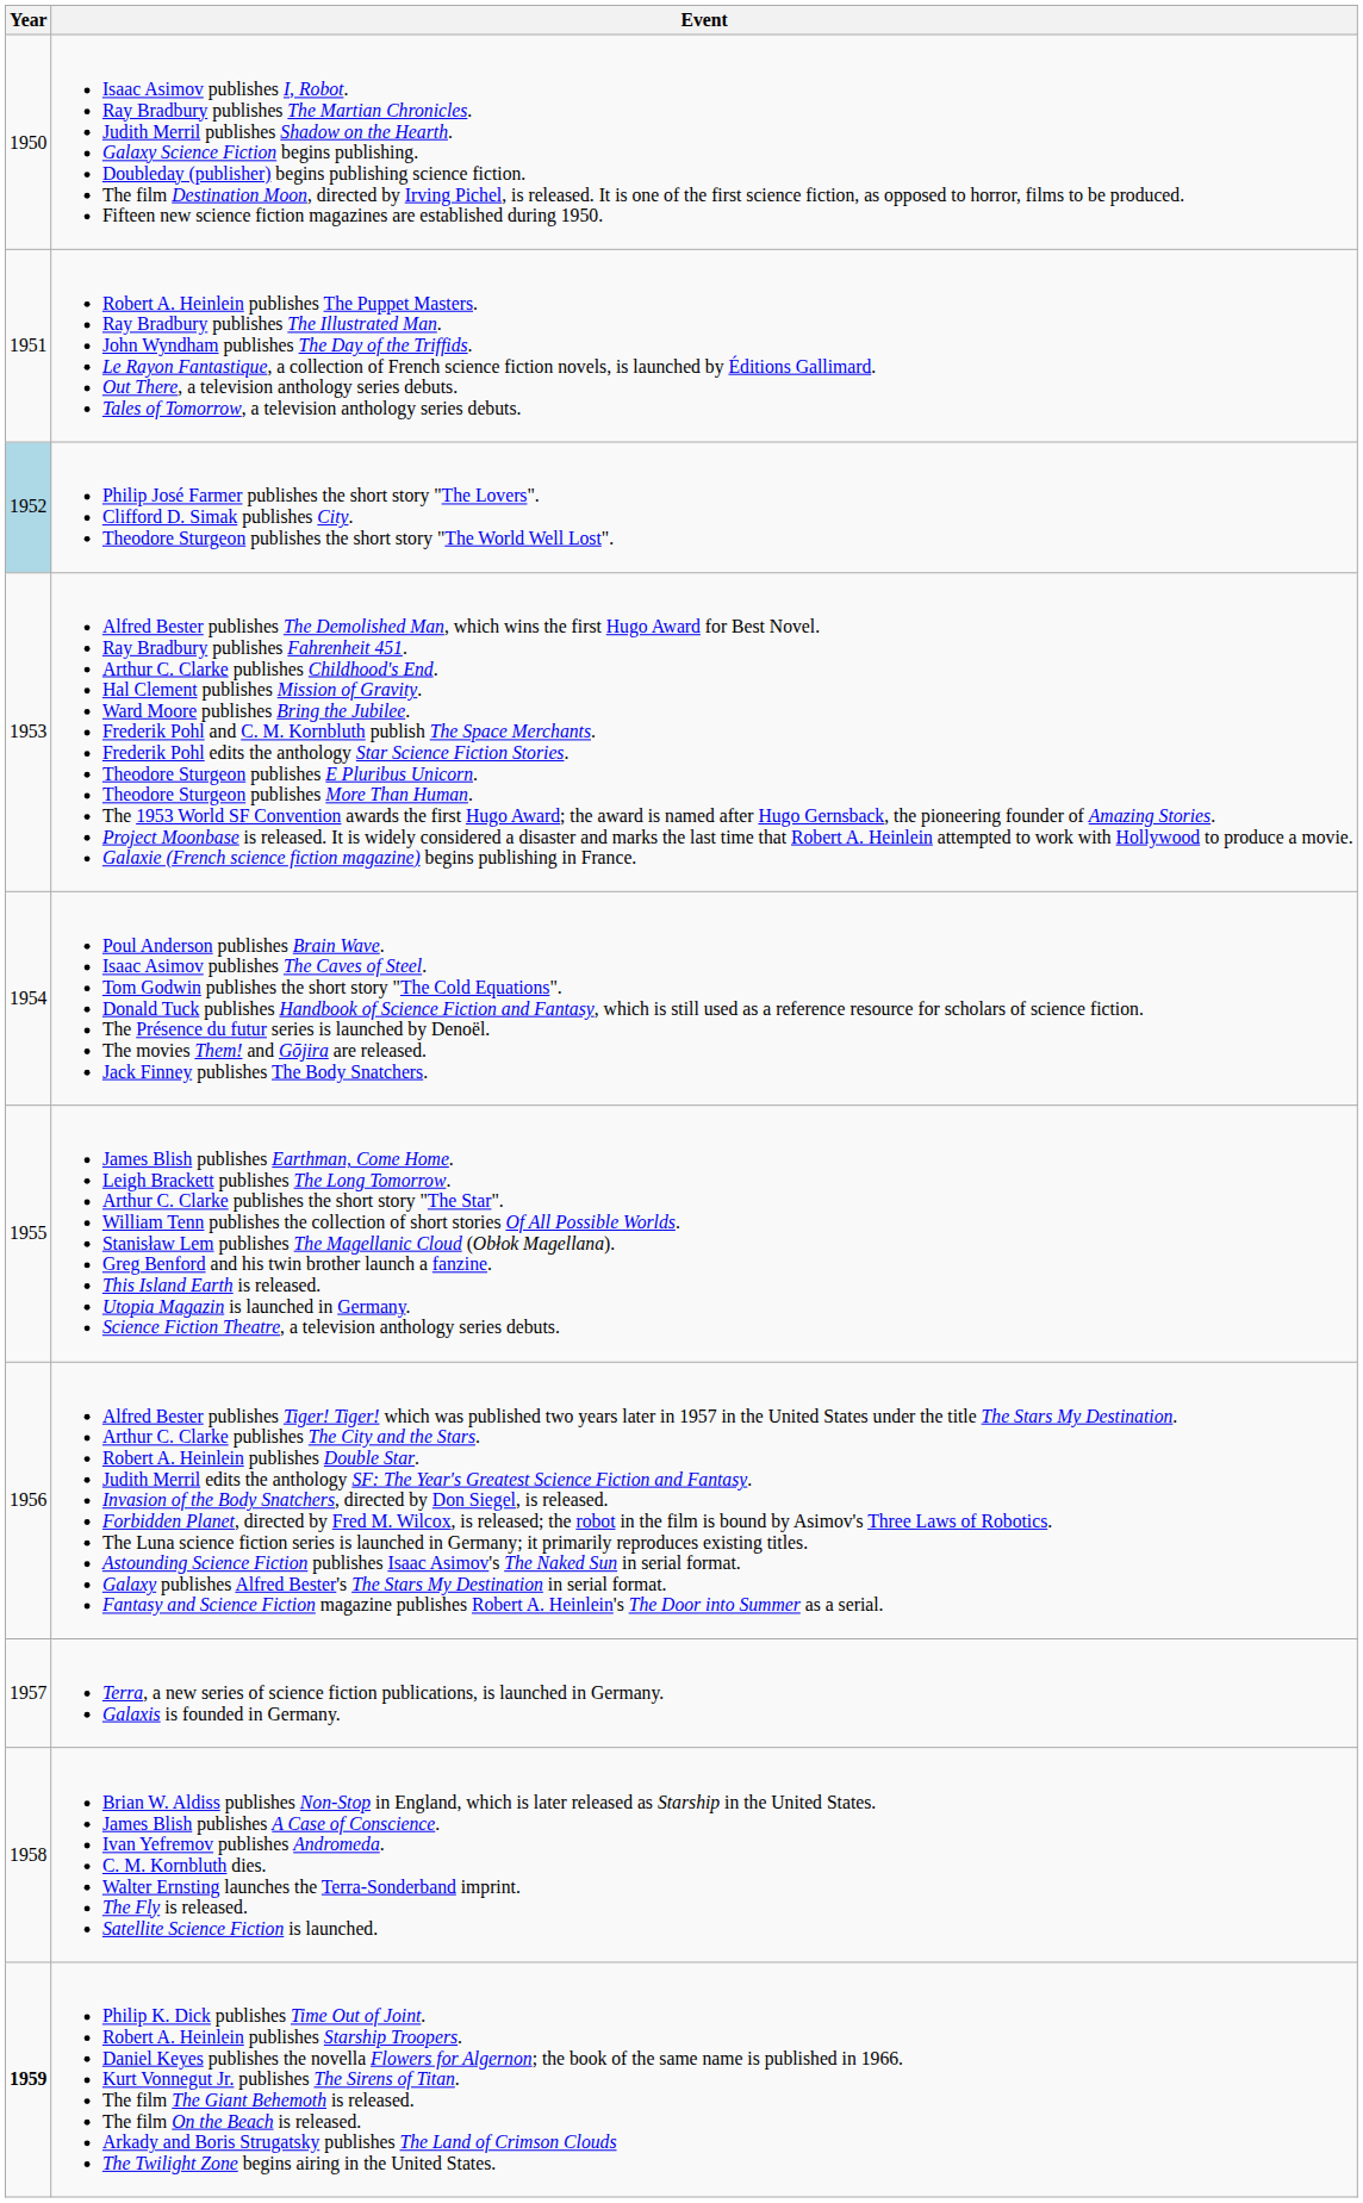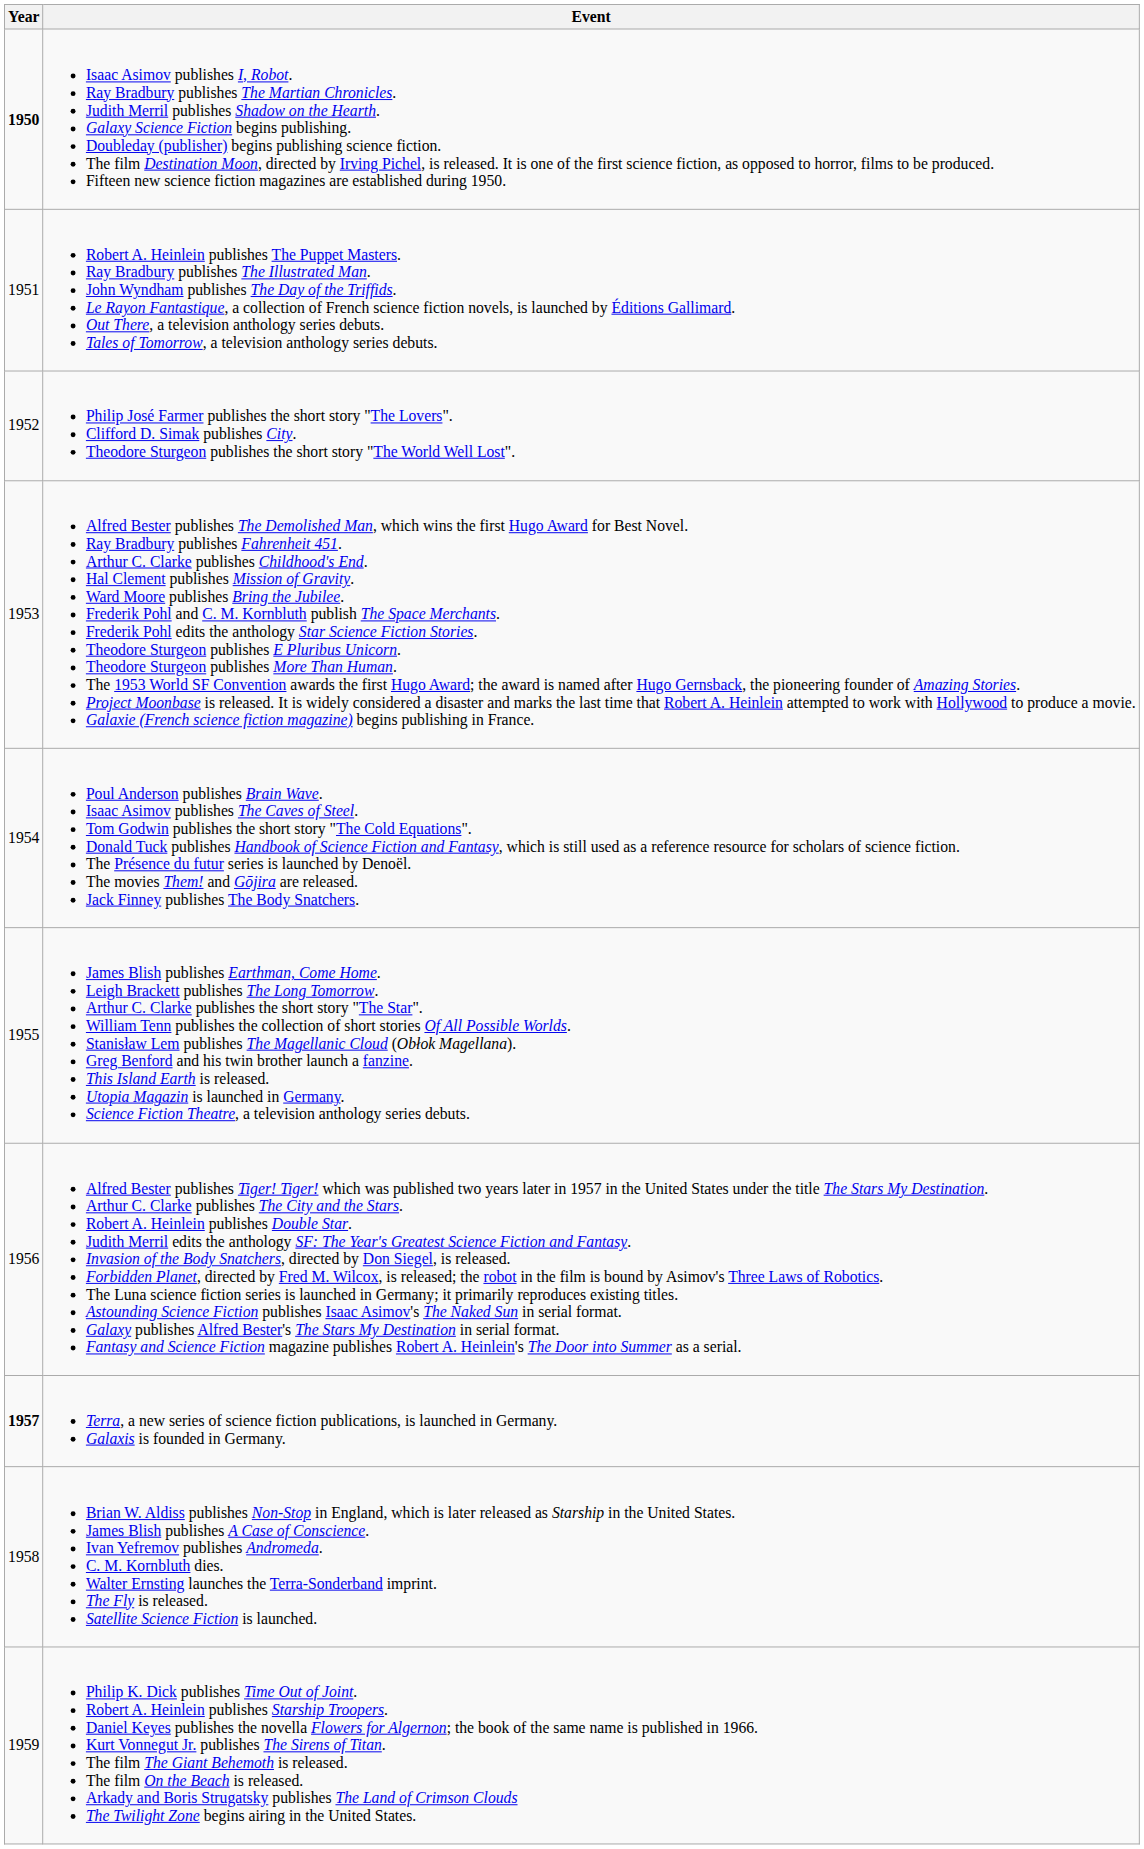 <table class="wikitable">
 <tr>
 <th scope="col">Year</th>
 <th scope="col">Event</th>
 </tr>
 <tr>
-<td>1950</td>
+<td><strong>1950</strong></td>
 <td><br><ul><li><a href='#'>Isaac Asimov</a> publishes <em><a href='#'>I, Robot</a></em>.</li><li><a href='#'>Ray Bradbury</a> publishes <em><a href='#'>The Martian Chronicles</a></em>.</li><li><a href='#'>Judith Merril</a> publishes <em><a href='#'>Shadow on the Hearth</a></em>.</li><li><em><a href='#'>Galaxy Science Fiction</a></em> begins publishing.</li><li><a href='#'>Doubleday (publisher)</a> begins publishing science fiction.</li><li>The film <em><a href='#'>Destination Moon</a></em>, directed by <a href='#'>Irving Pichel</a>, is released. It is one of the first science fiction, as opposed to horror, films to be produced.</li><li>Fifteen new science fiction magazines are established during 1950.</li></ul></td>
 </tr>
 <tr>
 <td>1951</td>
 <td><br><ul><li><a href='#'>Robert A. Heinlein</a> publishes <a href='#'>The Puppet Masters</a>.</li><li><a href='#'>Ray Bradbury</a> publishes <em><a href='#'>The Illustrated Man</a></em>.</li><li><a href='#'>John Wyndham</a> publishes <em><a href='#'>The Day of the Triffids</a></em>.</li><li><em><a href='#'>Le Rayon Fantastique</a></em>, a collection of French science fiction novels, is launched by <a href='#'>Éditions Gallimard</a>.</li><li><em><a href='#'>Out There</a></em>, a television anthology series debuts.</li><li><em><a href='#'>Tales of Tomorrow</a></em>, a television anthology series debuts.</li></ul></td>
 </tr>
 <tr>
-<td style="background: lightblue;">1952</td>
+<td>1952</td>
 <td><br><ul><li><a href='#'>Philip José Farmer</a> publishes the short story "<a href='#'>The Lovers</a>".</li><li><a href='#'>Clifford D. Simak</a> publishes <em><a href='#'>City</a></em>.</li><li><a href='#'>Theodore Sturgeon</a> publishes the short story "<a href='#'>The World Well Lost</a>".</li></ul></td>
 </tr>
 <tr>
 <td>1953</td>
 <td><br><ul><li><a href='#'>Alfred Bester</a> publishes <em><a href='#'>The Demolished Man</a></em>, which wins the first <a href='#'>Hugo Award</a> for Best Novel.</li><li><a href='#'>Ray Bradbury</a> publishes <em><a href='#'>Fahrenheit 451</a></em>.</li><li><a href='#'>Arthur C. Clarke</a> publishes <em><a href='#'>Childhood's End</a></em>.</li><li><a href='#'>Hal Clement</a> publishes <em><a href='#'>Mission of Gravity</a></em>.</li><li><a href='#'>Ward Moore</a> publishes <em><a href='#'>Bring the Jubilee</a></em>.</li><li><a href='#'>Frederik Pohl</a> and <a href='#'>C. M. Kornbluth</a> publish <em><a href='#'>The Space Merchants</a></em>.</li><li><a href='#'>Frederik Pohl</a> edits the anthology <em><a href='#'>Star Science Fiction Stories</a></em>.</li><li><a href='#'>Theodore Sturgeon</a> publishes <em><a href='#'>E Pluribus Unicorn</a></em>.</li><li><a href='#'>Theodore Sturgeon</a> publishes <em><a href='#'>More Than Human</a></em>.</li><li>The <a href='#'>1953 World SF Convention</a> awards the first <a href='#'>Hugo Award</a>; the award is named after <a href='#'>Hugo Gernsback</a>, the pioneering founder of <em><a href='#'>Amazing Stories</a></em>.</li><li><em><a href='#'>Project Moonbase</a></em> is released. It is widely considered a disaster and marks the last time that <a href='#'>Robert A. Heinlein</a> attempted to work with <a href='#'>Hollywood</a> to produce a movie.</li><li><em><a href='#'>Galaxie (French science fiction magazine)</a></em> begins publishing in France.</li></ul></td>
 </tr>
 <tr>
 <td>1954</td>
 <td><br><ul><li><a href='#'>Poul Anderson</a> publishes <em><a href='#'>Brain Wave</a></em>.</li><li><a href='#'>Isaac Asimov</a> publishes <em><a href='#'>The Caves of Steel</a></em>.</li><li><a href='#'>Tom Godwin</a> publishes the short story "<a href='#'>The Cold Equations</a>".</li><li><a href='#'>Donald Tuck</a> publishes <em><a href='#'>Handbook of Science Fiction and Fantasy</a></em>, which is still used as a reference resource for scholars of science fiction.</li><li>The <a href='#'>Présence du futur</a> series is launched by Denoël.</li><li>The movies <em><a href='#'>Them!</a></em> and <em><a href='#'>Gōjira</a></em> are released.</li><li><a href='#'>Jack Finney</a> publishes <a href='#'>The Body Snatchers</a>.</li></ul></td>
 </tr>
 <tr>
 <td>1955</td>
 <td><br><ul><li><a href='#'>James Blish</a> publishes <em><a href='#'>Earthman, Come Home</a></em>.</li><li><a href='#'>Leigh Brackett</a> publishes <em><a href='#'>The Long Tomorrow</a></em>.</li><li><a href='#'>Arthur C. Clarke</a> publishes the short story "<a href='#'>The Star</a>".</li><li><a href='#'>William Tenn</a> publishes the collection of short stories <em><a href='#'>Of All Possible Worlds</a></em>.</li><li><a href='#'>Stanisław Lem</a> publishes <em><a href='#'>The Magellanic Cloud</a></em> (<em>Obłok Magellana</em>).</li><li><a href='#'>Greg Benford</a> and his twin brother launch a <a href='#'>fanzine</a>.</li><li><em><a href='#'>This Island Earth</a></em> is released.</li><li><em><a href='#'>Utopia Magazin</a></em> is launched in <a href='#'>Germany</a>.</li><li><em><a href='#'>Science Fiction Theatre</a></em>, a television anthology series debuts.</li></ul></td>
 </tr>
 <tr>
 <td>1956</td>
 <td><br><ul><li><a href='#'>Alfred Bester</a> publishes <em><a href='#'>Tiger! Tiger!</a></em> which was published two years later in 1957 in the United States under the title <em><a href='#'>The Stars My Destination</a></em>.</li><li><a href='#'>Arthur C. Clarke</a> publishes <em><a href='#'>The City and the Stars</a></em>.</li><li><a href='#'>Robert A. Heinlein</a> publishes <em><a href='#'>Double Star</a></em>.</li><li><a href='#'>Judith Merril</a> edits the anthology <em><a href='#'>SF: The Year's Greatest Science Fiction and Fantasy</a></em>.</li><li><em><a href='#'>Invasion of the Body Snatchers</a></em>, directed by <a href='#'>Don Siegel</a>, is released.</li><li><em><a href='#'>Forbidden Planet</a></em>, directed by <a href='#'>Fred M. Wilcox</a>, is released; the <a href='#'>robot</a> in the film is bound by Asimov's <a href='#'>Three Laws of Robotics</a>.</li><li>The Luna science fiction series is launched in Germany; it primarily reproduces existing titles.</li><li><em><a href='#'>Astounding Science Fiction</a></em> publishes <a href='#'>Isaac Asimov</a>'s <em><a href='#'>The Naked Sun</a></em> in serial format.</li><li><em><a href='#'>Galaxy</a></em> publishes <a href='#'>Alfred Bester</a>'s <em><a href='#'>The Stars My Destination</a></em> in serial format.</li><li><em><a href='#'>Fantasy and Science Fiction</a></em> magazine publishes <a href='#'>Robert A. Heinlein</a>'s <em><a href='#'>The Door into Summer</a></em> as a serial.</li></ul></td>
 </tr>
 <tr>
-<td>1957</td>
+<td><strong>1957</strong></td>
 <td><br><ul><li><a href='#'><em>Terra</em></a>, a new series of science fiction publications, is launched in Germany.</li><li><em><a href='#'>Galaxis</a></em> is founded in Germany.</li></ul></td>
 </tr>
 <tr>
 <td>1958</td>
 <td><br><ul><li><a href='#'>Brian W. Aldiss</a> publishes <em><a href='#'>Non-Stop</a></em> in England, which is later released as <em>Starship</em> in the United States.</li><li><a href='#'>James Blish</a> publishes <em><a href='#'>A Case of Conscience</a></em>.</li><li><a href='#'>Ivan Yefremov</a> publishes <em><a href='#'>Andromeda</a></em>.</li><li><a href='#'>C. M. Kornbluth</a> dies.</li><li><a href='#'>Walter Ernsting</a> launches the <a href='#'>Terra-Sonderband</a> imprint.</li><li><em><a href='#'>The Fly</a></em> is released.</li><li><em><a href='#'>Satellite Science Fiction</a></em> is launched.</li></ul></td>
 </tr>
 <tr>
-<td><strong>1959</strong></td>
+<td>1959</td>
 <td><br><ul><li><a href='#'>Philip K. Dick</a> publishes <em><a href='#'>Time Out of Joint</a></em>.</li><li><a href='#'>Robert A. Heinlein</a> publishes <em><a href='#'>Starship Troopers</a></em>.</li><li><a href='#'>Daniel Keyes</a> publishes the novella <em><a href='#'>Flowers for Algernon</a></em>; the book of the same name is published in 1966.</li><li><a href='#'>Kurt Vonnegut Jr.</a> publishes <em><a href='#'>The Sirens of Titan</a></em>.</li><li>The film <em><a href='#'>The Giant Behemoth</a></em> is released.</li><li>The film <em><a href='#'>On the Beach</a></em> is released.</li><li><a href='#'>Arkady and Boris Strugatsky</a> publishes <em><a href='#'>The Land of Crimson Clouds</a></em></li><li><em><a href='#'>The Twilight Zone</a></em> begins airing in the United States.</li></ul></td>
 </tr>
 </table>
